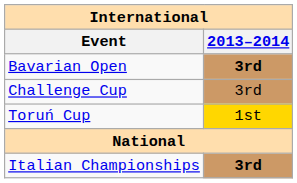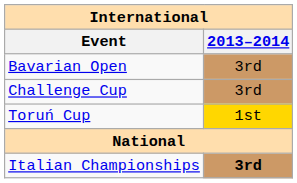 <table class="wikitable" style="text-align:center">
 <tr>
 <th style="background-color: #ffdead; " colspan=2 align=center><strong>International</strong></th>
 </tr>
 <tr>
 <th>Event</th>
 <th><a href='#'>2013–2014</a></th>
 </tr>
 <tr>
 <td align=left><a href='#'>Bavarian Open</a></td>
-<td bgcolor=cc9966><strong>3rd</strong></td>
+<td bgcolor=cc9966>3rd</td>
 </tr>
 <tr>
 <td align=left><a href='#'>Challenge Cup</a></td>
 <td bgcolor=cc9966>3rd</td>
 </tr>
 <tr>
 <td align=left><a href='#'>Toruń Cup</a></td>
 <td bgcolor=gold>1st</td>
 </tr>
 <tr>
 <th style="background-color: #ffdead; " colspan=3 align=center><strong>National</strong></th>
 </tr>
 <tr>
 <td align=left><a href='#'>Italian Championships</a></td>
 <td bgcolor=cc9966><strong>3rd</strong></td>
 </tr>
 </table>
